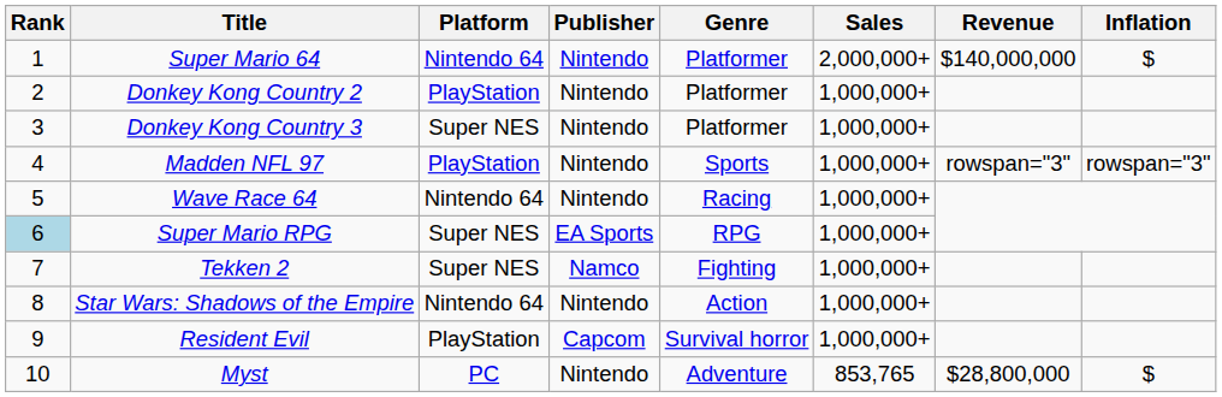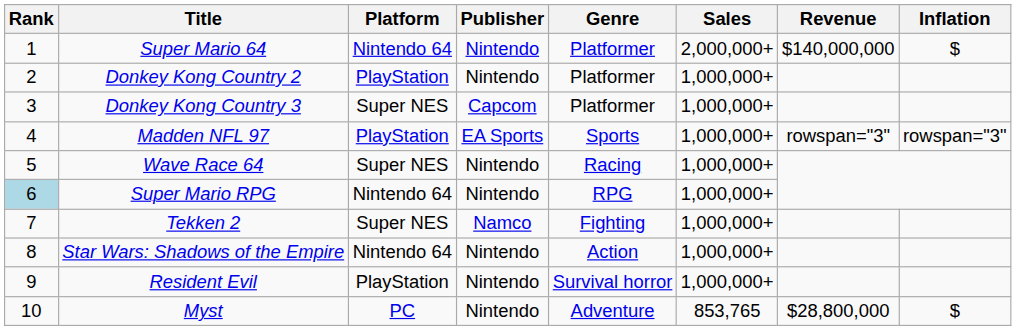 <table class="wikitable sortable" style="text-align:center">
 <tr>
 <th>Rank</th>
 <th>Title</th>
 <th>Platform</th>
 <th>Publisher</th>
 <th>Genre</th>
 <th>Sales</th>
 <th>Revenue</th>
 <th>Inflation</th>
 </tr>
 <tr>
 <td>1</td>
 <td><em><a href='#'>Super Mario 64</a></em></td>
 <td><a href='#'>Nintendo 64</a></td>
 <td><a href='#'>Nintendo</a></td>
 <td><a href='#'>Platformer</a></td>
 <td>2,000,000+</td>
 <td>$140,000,000</td>
 <td>$</td>
 </tr>
 <tr>
 <td>2</td>
 <td><em><a href='#'>Donkey Kong Country 2</a></em></td>
 <td><a href='#'>PlayStation</a></td>
 <td>Nintendo</td>
 <td>Platformer</td>
 <td>1,000,000+</td>
 <td></td>
 <td></td>
 </tr>
 <tr>
 <td>3</td>
 <td><em><a href='#'>Donkey Kong Country 3</a></em></td>
 <td>Super NES</td>
-<td>Nintendo</td>
+<td><a href='#'>Capcom</a></td>
 <td>Platformer</td>
 <td>1,000,000+</td>
 <td></td>
 <td></td>
 </tr>
 <tr>
 <td>4</td>
 <td><em><a href='#'>Madden NFL 97</a></em></td>
 <td><a href='#'>PlayStation</a></td>
-<td>Nintendo</td>
+<td><a href='#'>EA Sports</a></td>
 <td><a href='#'>Sports</a></td>
 <td>1,000,000+</td>
 <td>rowspan="3" </td>
 <td>rowspan="3" </td>
 </tr>
 <tr>
 <td>5</td>
 <td><em><a href='#'>Wave Race 64</a></em></td>
-<td>Nintendo 64</td>
+<td>Super NES</td>
 <td>Nintendo</td>
 <td><a href='#'>Racing</a></td>
 <td>1,000,000+</td>
 </tr>
 <tr>
 <td style="background: lightblue;">6</td>
 <td><em><a href='#'>Super Mario RPG</a></em></td>
-<td>Super NES</td>
-<td><a href='#'>EA Sports</a></td>
+<td>Nintendo 64</td>
+<td>Nintendo</td>
 <td><a href='#'>RPG</a></td>
 <td>1,000,000+</td>
 </tr>
 <tr>
 <td>7</td>
 <td><em><a href='#'>Tekken 2</a></em></td>
 <td>Super NES</td>
 <td><a href='#'>Namco</a></td>
 <td><a href='#'>Fighting</a></td>
 <td>1,000,000+</td>
 <td></td>
 <td></td>
 </tr>
 <tr>
 <td>8</td>
 <td><em><a href='#'>Star Wars: Shadows of the Empire</a></em></td>
 <td>Nintendo 64</td>
 <td>Nintendo</td>
 <td><a href='#'>Action</a></td>
 <td>1,000,000+</td>
 <td></td>
 <td></td>
 </tr>
 <tr>
 <td>9</td>
 <td><em><a href='#'>Resident Evil</a></em></td>
 <td>PlayStation</td>
-<td><a href='#'>Capcom</a></td>
+<td>Nintendo</td>
 <td><a href='#'>Survival horror</a></td>
 <td>1,000,000+</td>
 <td></td>
 <td></td>
 </tr>
 <tr>
 <td>10</td>
 <td><em><a href='#'>Myst</a></em></td>
 <td><a href='#'>PC</a></td>
 <td>Nintendo</td>
 <td><a href='#'>Adventure</a></td>
 <td>853,765</td>
 <td>$28,800,000</td>
 <td>$</td>
 </tr>
 </table>
